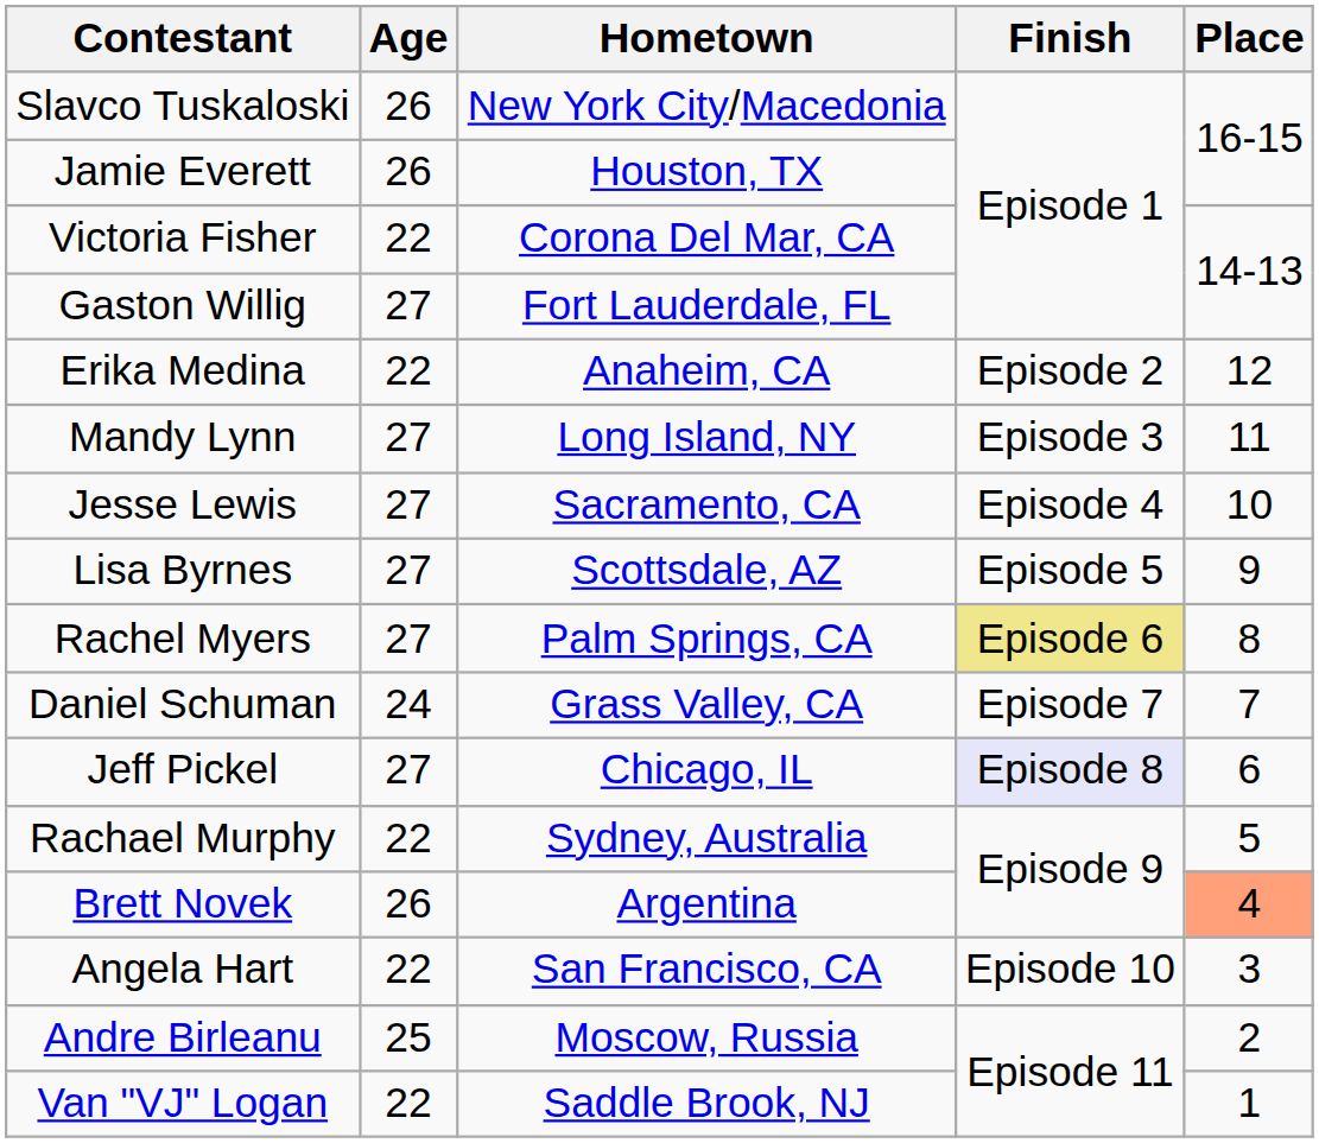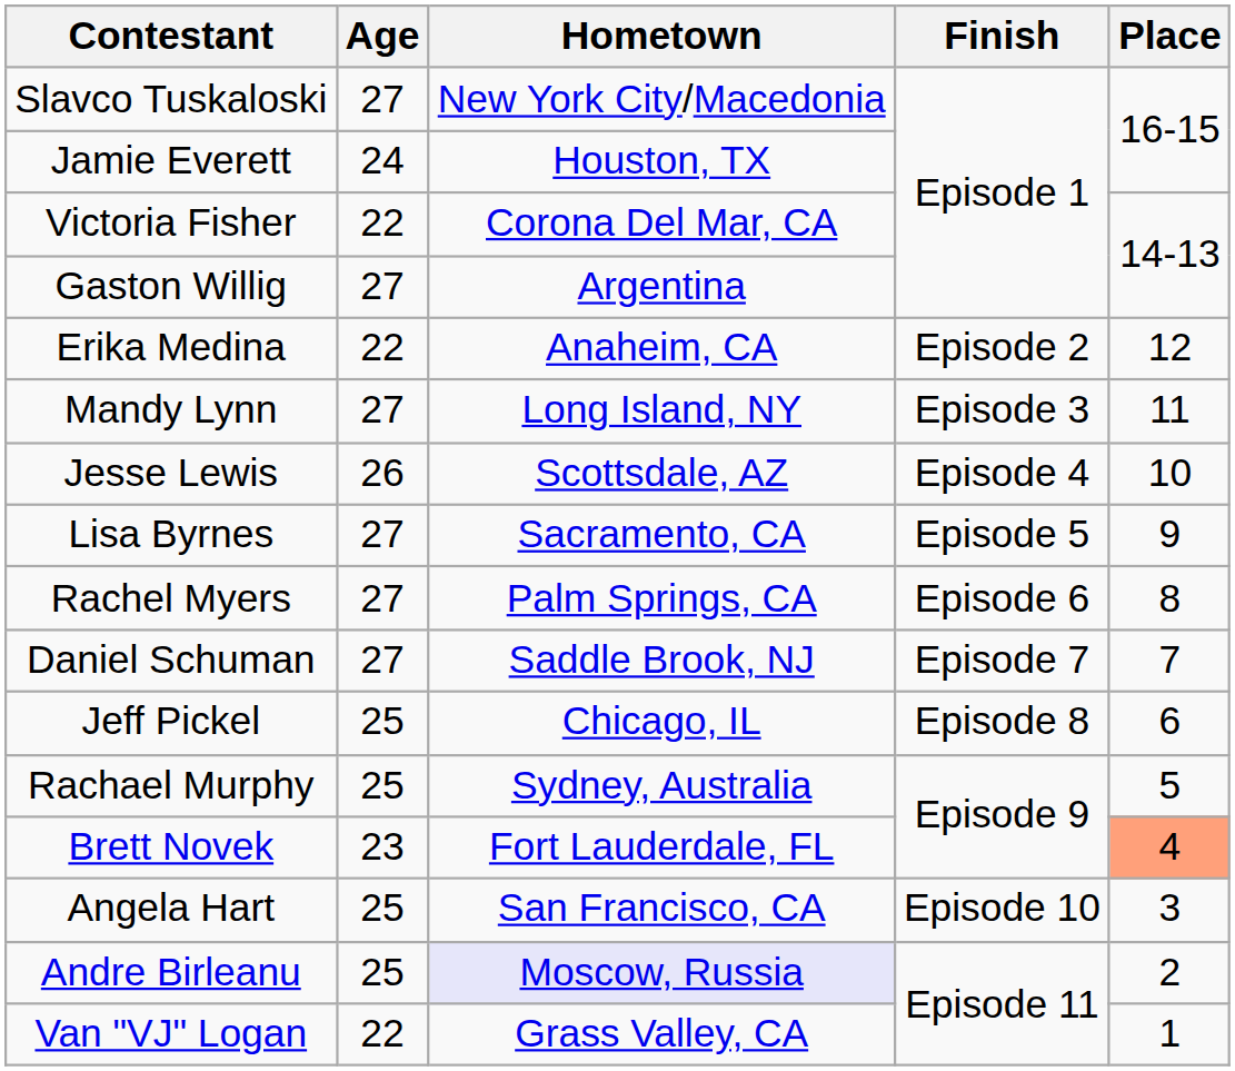 <table class="wikitable sortable" style="text-align:center;">
 <tr>
 <th>Contestant</th>
 <th>Age</th>
 <th>Hometown</th>
 <th>Finish</th>
 <th>Place</th>
 </tr>
 <tr>
 <td>Slavco Tuskaloski</td>
-<td>26</td>
+<td>27</td>
 <td><a href='#'>New York City</a>/<a href='#'>Macedonia</a></td>
 <td rowspan="4">Episode 1</td>
 <td rowspan="2">16-15</td>
 </tr>
 <tr>
 <td>Jamie Everett</td>
-<td>26</td>
+<td>24</td>
 <td><a href='#'>Houston, TX</a></td>
 </tr>
 <tr>
 <td>Victoria Fisher</td>
 <td>22</td>
 <td><a href='#'>Corona Del Mar, CA</a></td>
 <td rowspan="2">14-13</td>
 </tr>
 <tr>
 <td>Gaston Willig</td>
 <td>27</td>
-<td><a href='#'>Fort Lauderdale, FL</a></td>
+<td><a href='#'>Argentina</a></td>
 </tr>
 <tr>
 <td>Erika Medina</td>
 <td>22</td>
 <td><a href='#'>Anaheim, CA</a></td>
 <td>Episode 2</td>
 <td>12</td>
 </tr>
 <tr>
 <td>Mandy Lynn</td>
 <td>27</td>
 <td><a href='#'>Long Island, NY</a></td>
 <td>Episode 3</td>
 <td>11</td>
 </tr>
 <tr>
 <td>Jesse Lewis</td>
-<td>27</td>
-<td><a href='#'>Sacramento, CA</a></td>
+<td>26</td>
+<td><a href='#'>Scottsdale, AZ</a></td>
 <td>Episode 4</td>
 <td>10</td>
 </tr>
 <tr>
 <td>Lisa Byrnes</td>
 <td>27</td>
-<td><a href='#'>Scottsdale, AZ</a></td>
+<td><a href='#'>Sacramento, CA</a></td>
 <td>Episode 5</td>
 <td>9</td>
 </tr>
 <tr>
 <td>Rachel Myers</td>
 <td>27</td>
 <td><a href='#'>Palm Springs, CA</a></td>
-<td style="background: khaki;">Episode 6</td>
+<td>Episode 6</td>
 <td>8</td>
 </tr>
 <tr>
 <td>Daniel Schuman</td>
-<td>24</td>
-<td><a href='#'>Grass Valley, CA</a></td>
+<td>27</td>
+<td><a href='#'>Saddle Brook, NJ</a></td>
 <td>Episode 7</td>
 <td>7</td>
 </tr>
 <tr>
 <td>Jeff Pickel</td>
-<td>27</td>
+<td>25</td>
 <td><a href='#'>Chicago, IL</a></td>
-<td style="background: lavender;">Episode 8</td>
+<td>Episode 8</td>
 <td>6</td>
 </tr>
 <tr>
 <td>Rachael Murphy</td>
-<td>22</td>
+<td>25</td>
 <td><a href='#'>Sydney, Australia</a></td>
 <td rowspan="2">Episode 9</td>
 <td>5</td>
 </tr>
 <tr>
 <td><a href='#'>Brett Novek</a></td>
-<td>26</td>
-<td><a href='#'>Argentina</a></td>
+<td>23</td>
+<td><a href='#'>Fort Lauderdale, FL</a></td>
 <td style="background: lightsalmon;">4</td>
 </tr>
 <tr>
 <td>Angela Hart</td>
-<td>22</td>
+<td>25</td>
 <td><a href='#'>San Francisco, CA</a></td>
 <td>Episode 10</td>
 <td>3</td>
 </tr>
 <tr>
 <td><a href='#'>Andre Birleanu</a></td>
 <td>25</td>
-<td><a href='#'>Moscow, Russia</a></td>
+<td style="background: lavender;"><a href='#'>Moscow, Russia</a></td>
 <td rowspan="2">Episode 11</td>
 <td>2</td>
 </tr>
 <tr>
 <td><a href='#'>Van "VJ" Logan</a></td>
 <td>22</td>
-<td><a href='#'>Saddle Brook, NJ</a></td>
+<td><a href='#'>Grass Valley, CA</a></td>
 <td>1</td>
 </tr>
 </table>
